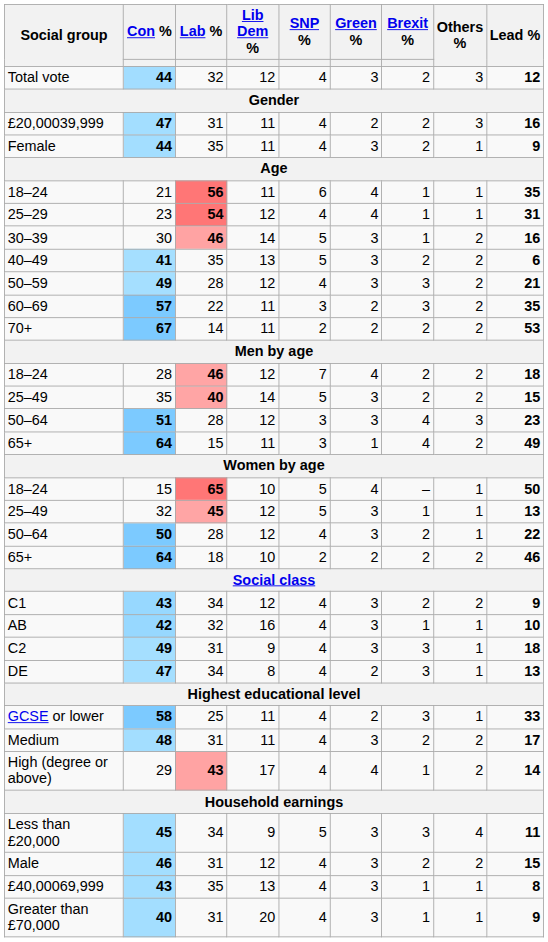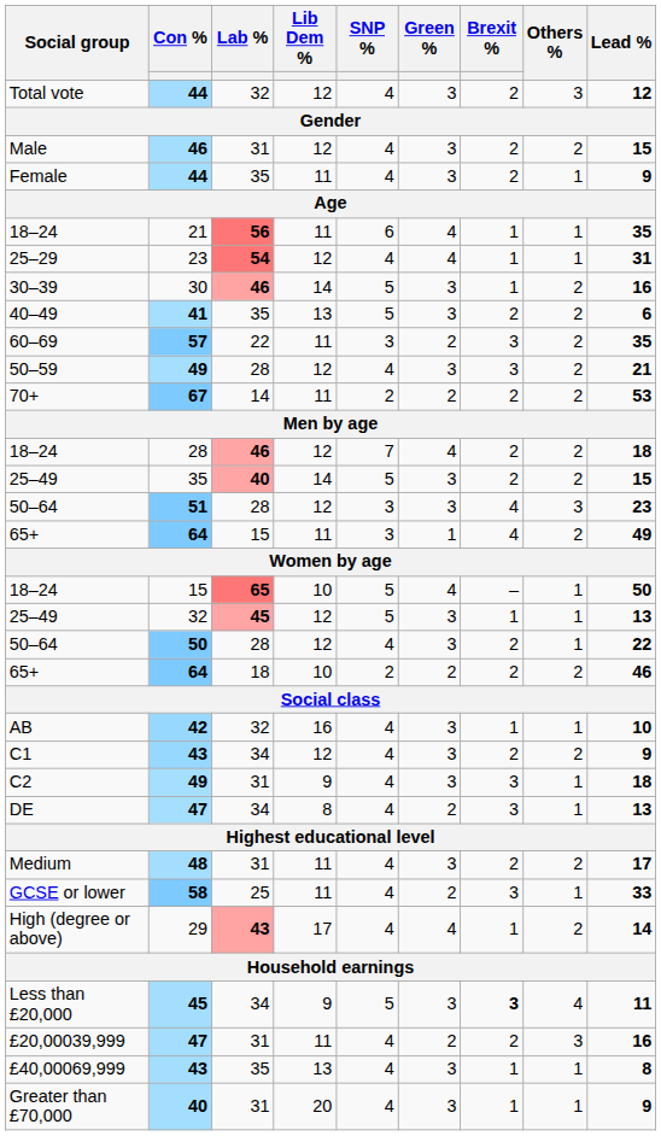 <table class=wikitable style="text-align:right;">
 <tr>
 <th style="width:125px;" rowspan="2">Social group</th>
 <th style="width:50px;"><a href='#'>Con</a> %</th>
 <th style="width:50px;"><a href='#'>Lab</a> %</th>
 <th style="width:50px;"><a href='#'>Lib Dem</a> %</th>
 <th style="width:50px;"><a href='#'>SNP</a> %</th>
 <th style="width:50px;"><a href='#'>Green</a> %</th>
 <th style="width:50px;"><a href='#'>Brexit</a> %</th>
 <th style="width:50px;" rowspan="2">Others %</th>
 <th rowspan="2">Lead %</th>
 </tr>
 <tr>
 <th style="color:inherit;background:"></th>
 <th style="color:inherit;background:"></th>
 <th style="color:inherit;background:"></th>
 <th style="color:inherit;background:"></th>
 <th style="color:inherit;background:"></th>
 <th style="color:inherit;background:"></th>
 </tr>
 <tr>
 <td style="text-align:left;">Total vote</td>
 <td style="background:#A2DDFF;"><strong>44</strong></td>
 <td>32</td>
 <td>12</td>
 <td>4</td>
 <td>3</td>
 <td>2</td>
 <td>3</td>
 <td style="background:"><strong>12</strong></td>
 </tr>
 <tr>
 <th colspan="9">Gender</th>
 </tr>
 <tr>
-<td style="text-align:left;">£20,00039,999</td>
-<td style="background:#A3DEFF;"><strong>47</strong></td>
+<td style="text-align:left;">Male</td>
+<td style="background:#A3DEFF;"><strong>46</strong></td>
 <td>31</td>
-<td>11</td>
+<td>12</td>
 <td>4</td>
+<td>3</td>
 <td>2</td>
 <td>2</td>
-<td>3</td>
-<td style="background:"><strong>16</strong></td>
+<td style="background:"><strong>15</strong></td>
 </tr>
 <tr>
 <td style="text-align:left;">Female</td>
 <td style="background:#A3DEFF;"><strong>44</strong></td>
 <td>35</td>
 <td>11</td>
 <td>4</td>
 <td>3</td>
 <td>2</td>
 <td>1</td>
 <td style="background:"><strong>9</strong></td>
 </tr>
 <tr>
 <th colspan="9">Age</th>
 </tr>
 <tr>
 <td style="text-align:left;">18–24</td>
 <td>21</td>
 <td style="background:#FF7676;"><strong>56</strong></td>
 <td>11</td>
 <td>6</td>
 <td>4</td>
 <td>1</td>
 <td>1</td>
 <td style="text-align:right; background:"><strong>35</strong></td>
 </tr>
 <tr>
 <td style="text-align:left;">25–29</td>
 <td>23</td>
 <td style="background:#FF7676;"><strong>54</strong></td>
 <td>12</td>
 <td>4</td>
 <td>4</td>
 <td>1</td>
 <td>1</td>
 <td style="text-align:right; background:"><strong>31</strong></td>
 </tr>
 <tr>
 <td style="text-align:left;">30–39</td>
 <td>30</td>
 <td style="background:#FFA3A3;"><strong>46</strong></td>
 <td>14</td>
 <td>5</td>
 <td>3</td>
 <td>1</td>
 <td>2</td>
 <td style="text-align:right; background:"><strong>16</strong></td>
 </tr>
 <tr>
 <td style="text-align:left;">40–49</td>
 <td style="background:#A5DFFF;"><strong>41</strong></td>
 <td>35</td>
 <td>13</td>
 <td>5</td>
 <td>3</td>
 <td>2</td>
 <td>2</td>
 <td style="background:"><strong>6</strong></td>
 </tr>
 <tr>
+<td style="text-align:left;">60–69</td>
+<td style="background:#7CCAFF;"><strong>57</strong></td>
+<td>22</td>
+<td>11</td>
+<td>3</td>
+<td>2</td>
+<td>3</td>
+<td>2</td>
+<td style="background:"><strong>35</strong></td>
+</tr>
+<tr>
 <td style="text-align:left;">50–59</td>
 <td style="background:#A5DFFF;"><strong>49</strong></td>
 <td>28</td>
 <td>12</td>
 <td>4</td>
 <td>3</td>
 <td>3</td>
 <td>2</td>
 <td style="background:"><strong>21</strong></td>
-</tr>
-<tr>
-<td style="text-align:left;">60–69</td>
-<td style="background:#7CCAFF;"><strong>57</strong></td>
-<td>22</td>
-<td>11</td>
-<td>3</td>
-<td>2</td>
-<td>3</td>
-<td>2</td>
-<td style="background:"><strong>35</strong></td>
 </tr>
 <tr>
 <td style="text-align:left;">70+</td>
 <td style="background:#7CCAFF;"><strong>67</strong></td>
 <td>14</td>
 <td>11</td>
 <td>2</td>
 <td>2</td>
 <td>2</td>
 <td>2</td>
 <td style="background:"><strong>53</strong></td>
 </tr>
 <tr>
 <th colspan="9">Men by age</th>
 </tr>
 <tr>
 <td style="text-align:left;">18–24</td>
 <td>28</td>
 <td style="background:#FFA5A5;"><strong>46</strong></td>
 <td>12</td>
 <td>7</td>
 <td>4</td>
 <td>2</td>
 <td>2</td>
 <td style="text-align:right; background:"><strong>18</strong></td>
 </tr>
 <tr>
 <td style="text-align:left;">25–49</td>
 <td>35</td>
 <td style="background:#FFA5A5;"><strong>40</strong></td>
 <td>14</td>
 <td>5</td>
 <td>3</td>
 <td>2</td>
 <td>2</td>
 <td style="text-align:right; background:"><strong>15</strong></td>
 </tr>
 <tr>
 <td style="text-align:left;">50–64</td>
 <td style="background:#7CCAFF;"><strong>51</strong></td>
 <td>28</td>
 <td>12</td>
 <td>3</td>
 <td>3</td>
 <td>4</td>
 <td>3</td>
 <td style="background:"><strong>23</strong></td>
 </tr>
 <tr>
 <td style="text-align:left;">65+</td>
 <td style="background:#7CCAFF;"><strong>64</strong></td>
 <td>15</td>
 <td>11</td>
 <td>3</td>
 <td>1</td>
 <td>4</td>
 <td>2</td>
 <td style="background:"><strong>49</strong></td>
 </tr>
 <tr>
 <th colspan="9">Women by age</th>
 </tr>
 <tr>
 <td style="text-align:left;">18–24</td>
 <td>15</td>
 <td style="background:#FF7676;"><strong>65</strong></td>
 <td>10</td>
 <td>5</td>
 <td>4</td>
 <td>–</td>
 <td>1</td>
 <td style="text-align:right; background:"><strong>50</strong></td>
 </tr>
 <tr>
 <td style="text-align:left;">25–49</td>
 <td>32</td>
 <td style="background:#FFA5A5;"><strong>45</strong></td>
 <td>12</td>
 <td>5</td>
 <td>3</td>
 <td>1</td>
 <td>1</td>
 <td style="text-align:right; background:"><strong>13</strong></td>
 </tr>
 <tr>
 <td style="text-align:left;">50–64</td>
 <td style="background:#7CCAFF;"><strong>50</strong></td>
 <td>28</td>
 <td>12</td>
 <td>4</td>
 <td>3</td>
 <td>2</td>
 <td>1</td>
 <td style="background:"><strong>22</strong></td>
 </tr>
 <tr>
 <td style="text-align:left;">65+</td>
 <td style="background:#7CCAFF;"><strong>64</strong></td>
 <td>18</td>
 <td>10</td>
 <td>2</td>
 <td>2</td>
 <td>2</td>
 <td>2</td>
 <td style="background:"><strong>46</strong></td>
 </tr>
 <tr>
 <th colspan="9"><a href='#'>Social class</a></th>
 </tr>
 <tr>
+<td style="text-align:left;">AB</td>
+<td style="background:#97D8FF;"><strong>42</strong></td>
+<td>32</td>
+<td>16</td>
+<td>4</td>
+<td>3</td>
+<td>1</td>
+<td>1</td>
+<td style="background:"><strong>10</strong></td>
+</tr>
+<tr>
 <td style="text-align:left;">C1</td>
 <td style="background:#97D8FF;"><strong>43</strong></td>
 <td>34</td>
 <td>12</td>
 <td>4</td>
 <td>3</td>
 <td>2</td>
 <td>2</td>
 <td style="background:"><strong>9</strong></td>
-</tr>
-<tr>
-<td style="text-align:left;">AB</td>
-<td style="background:#97D8FF;"><strong>42</strong></td>
-<td>32</td>
-<td>16</td>
-<td>4</td>
-<td>3</td>
-<td>1</td>
-<td>1</td>
-<td style="background:"><strong>10</strong></td>
 </tr>
 <tr>
 <td style="text-align:left;">C2</td>
 <td style="background:#A5DFFF;"><strong>49</strong></td>
 <td>31</td>
 <td>9</td>
 <td>4</td>
 <td>3</td>
 <td>3</td>
 <td>1</td>
 <td style="background:"><strong>18</strong></td>
 </tr>
 <tr>
 <td style="text-align:left;">DE</td>
 <td style="background:#A5DFFF;"><strong>47</strong></td>
 <td>34</td>
 <td>8</td>
 <td>4</td>
 <td>2</td>
 <td>3</td>
 <td>1</td>
 <td style="background:"><strong>13</strong></td>
 </tr>
 <tr>
 <th colspan="9">Highest educational level</th>
 </tr>
 <tr>
+<td style="text-align:left;">Medium</td>
+<td style="background:#A3DEFF;"><strong>48</strong></td>
+<td>31</td>
+<td>11</td>
+<td>4</td>
+<td>3</td>
+<td>2</td>
+<td>2</td>
+<td style="background:"><strong>17</strong></td>
+</tr>
+<tr>
 <td style="text-align:left;"><a href='#'>GCSE</a> or lower</td>
 <td style="background:#7CCAFF;"><strong>58</strong></td>
 <td>25</td>
 <td>11</td>
 <td>4</td>
 <td>2</td>
 <td>3</td>
 <td>1</td>
 <td style="background:"><strong>33</strong></td>
-</tr>
-<tr>
-<td style="text-align:left;">Medium</td>
-<td style="background:#A3DEFF;"><strong>48</strong></td>
-<td>31</td>
-<td>11</td>
-<td>4</td>
-<td>3</td>
-<td>2</td>
-<td>2</td>
-<td style="background:"><strong>17</strong></td>
 </tr>
 <tr>
 <td style="text-align:left;">High (degree or above)</td>
 <td>29</td>
 <td style="background:#FFA3A3;"><strong>43</strong></td>
 <td>17</td>
 <td>4</td>
 <td>4</td>
 <td>1</td>
 <td>2</td>
 <td style="text-align:right; background:"><strong>14</strong></td>
 </tr>
 <tr>
 <th colspan="9">Household earnings</th>
 </tr>
 <tr>
 <td style="text-align:left;">Less than £20,000</td>
 <td style="background:#A3DEFF;"><strong>45</strong></td>
 <td>34</td>
 <td>9</td>
 <td>5</td>
 <td>3</td>
-<td>3</td>
+<td><strong>3</strong></td>
 <td>4</td>
 <td style="background:"><strong>11</strong></td>
 </tr>
 <tr>
-<td style="text-align:left;">Male</td>
-<td style="background:#A3DEFF;"><strong>46</strong></td>
+<td style="text-align:left;">£20,00039,999</td>
+<td style="background:#A3DEFF;"><strong>47</strong></td>
 <td>31</td>
-<td>12</td>
+<td>11</td>
 <td>4</td>
-<td>3</td>
 <td>2</td>
 <td>2</td>
-<td style="background:"><strong>15</strong></td>
+<td>3</td>
+<td style="background:"><strong>16</strong></td>
 </tr>
 <tr>
 <td style="text-align:left;">£40,00069,999</td>
 <td style="background:#A3DEFF;"><strong>43</strong></td>
 <td>35</td>
 <td>13</td>
 <td>4</td>
 <td>3</td>
 <td>1</td>
 <td>1</td>
 <td style="background:"><strong>8</strong></td>
 </tr>
 <tr>
 <td style="text-align:left;">Greater than £70,000</td>
 <td style="background:#A3DEFF;"><strong>40</strong></td>
 <td>31</td>
 <td>20</td>
 <td>4</td>
 <td>3</td>
 <td>1</td>
 <td>1</td>
 <td style="background:"><strong>9</strong></td>
 </tr>
 </table>
